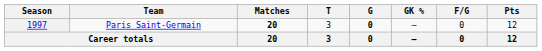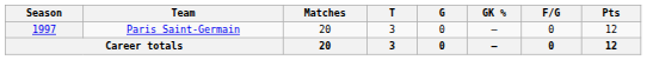 <table class="wikitable sortable"  style="font-size:90%; text-align:center; width:85%;">
 <tr>
 <th width=2%>Season</th>
 <th width=8%>Team</th>
 <th width=2%>Matches</th>
 <th width=2%>T</th>
 <th width=2%>G</th>
 <th width=2%>GK %</th>
 <th width=2%>F/G</th>
 <th width=2%>Pts</th>
 </tr>
 <tr>
 <th scope="row" style="text-align:center; font-weight:normal"><a href='#'>1997</a></th>
 <td style="text-align:center;"> <a href='#'>Paris Saint-Germain</a></td>
-<td><strong>20</strong></td>
+<td>20</td>
 <td>3</td>
-<td><strong>0</strong></td>
+<td>0</td>
 <td>—</td>
 <td>0</td>
 <td>12</td>
 </tr>
 <tr class="sortbottom">
 <th colspan=2>Career totals</th>
 <th>20</th>
 <th>3</th>
 <th>0</th>
 <th>—</th>
 <th>0</th>
 <th>12</th>
 </tr>
 </table>
